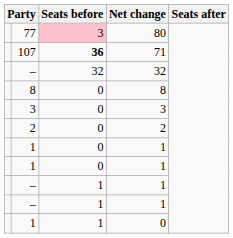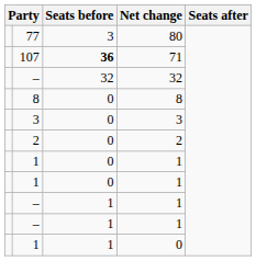 <table class=wikitable style="text-align:right">
 <tr>
 <th colspan="2">Party</th>
 <th>Seats before</th>
 <th>Net change</th>
 <th>Seats after</th>
 </tr>
 <tr>
 <td></td>
 <td>77</td>
-<td style="background: pink;"> 3</td>
+<td> 3</td>
 <td>80</td>
 </tr>
 <tr>
 <td></td>
 <td>107</td>
 <td><strong> 36</strong></td>
 <td>71</td>
 </tr>
 <tr>
 <td></td>
 <td>–</td>
 <td> 32</td>
 <td>32</td>
 </tr>
 <tr>
 <td></td>
 <td>8</td>
 <td> 0</td>
 <td>8</td>
 </tr>
 <tr>
 <td></td>
 <td>3</td>
 <td> 0</td>
 <td>3</td>
 </tr>
 <tr>
 <td></td>
 <td>2</td>
 <td> 0</td>
 <td>2</td>
 </tr>
 <tr>
 <td></td>
 <td>1</td>
 <td> 0</td>
 <td>1</td>
 </tr>
 <tr>
 <td></td>
 <td>1</td>
 <td> 0</td>
 <td>1</td>
 </tr>
 <tr>
 <td></td>
 <td>–</td>
 <td> 1</td>
 <td>1</td>
 </tr>
 <tr>
 <td></td>
 <td>–</td>
 <td> 1</td>
 <td>1</td>
 </tr>
 <tr>
 <td></td>
 <td>1</td>
 <td> 1</td>
 <td>0</td>
 </tr>
 </table>
